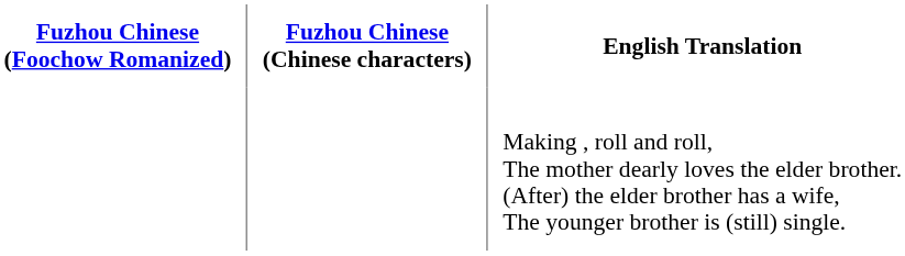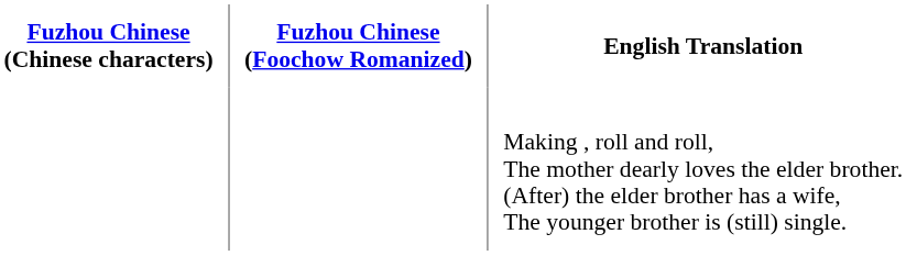 <table class="toccolours" cellpadding="10" rules="cols">
 <tr>
+<th><a href='#'>Fuzhou Chinese</a><br>(Chinese characters)</th>
 <th><a href='#'>Fuzhou Chinese</a><br>(<a href='#'>Foochow Romanized</a>)</th>
-<th><a href='#'>Fuzhou Chinese</a><br>(Chinese characters)</th>
 <th>English Translation</th>
 </tr>
 <tr>
 <td><br></td>
 <td><br></td>
 <td><br>Making , roll and roll,<br> The mother dearly loves the elder brother.<br> (After) the elder brother has a wife,<br> The younger brother is (still) single.</td>
 </tr>
 </table>
